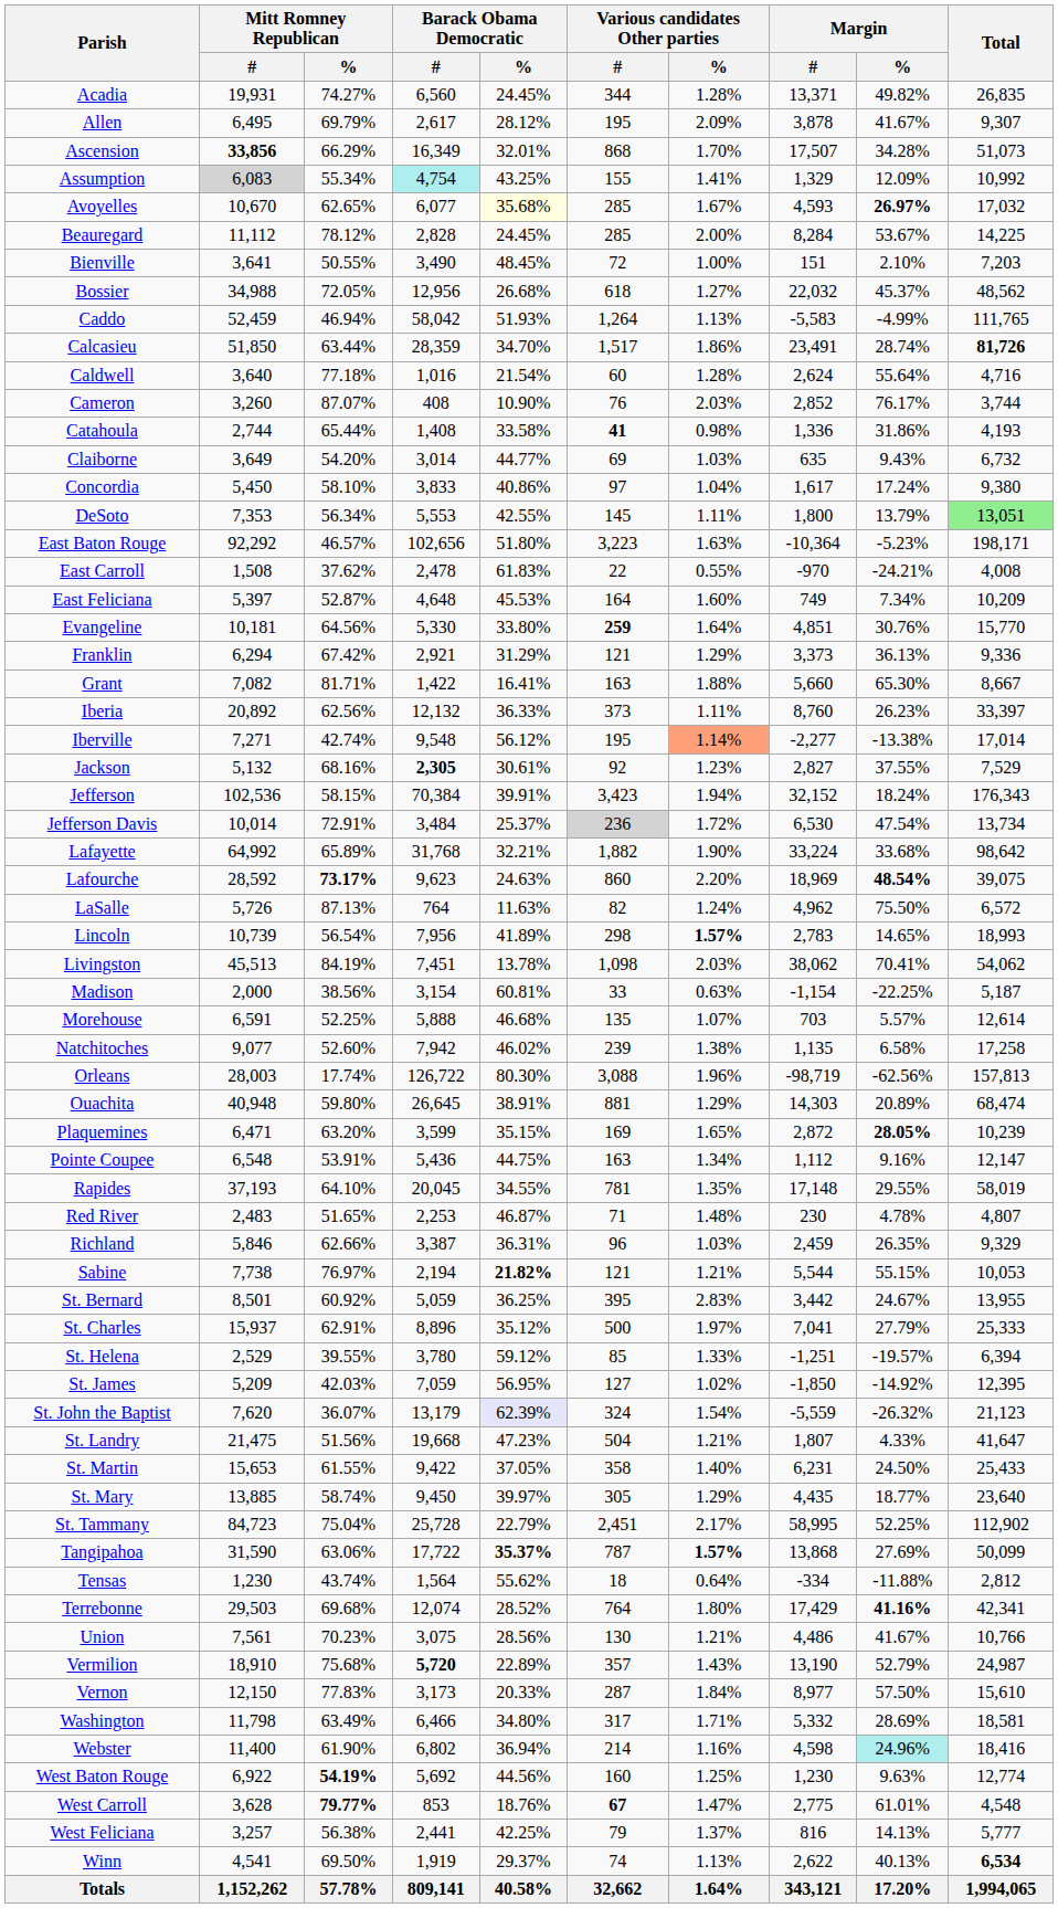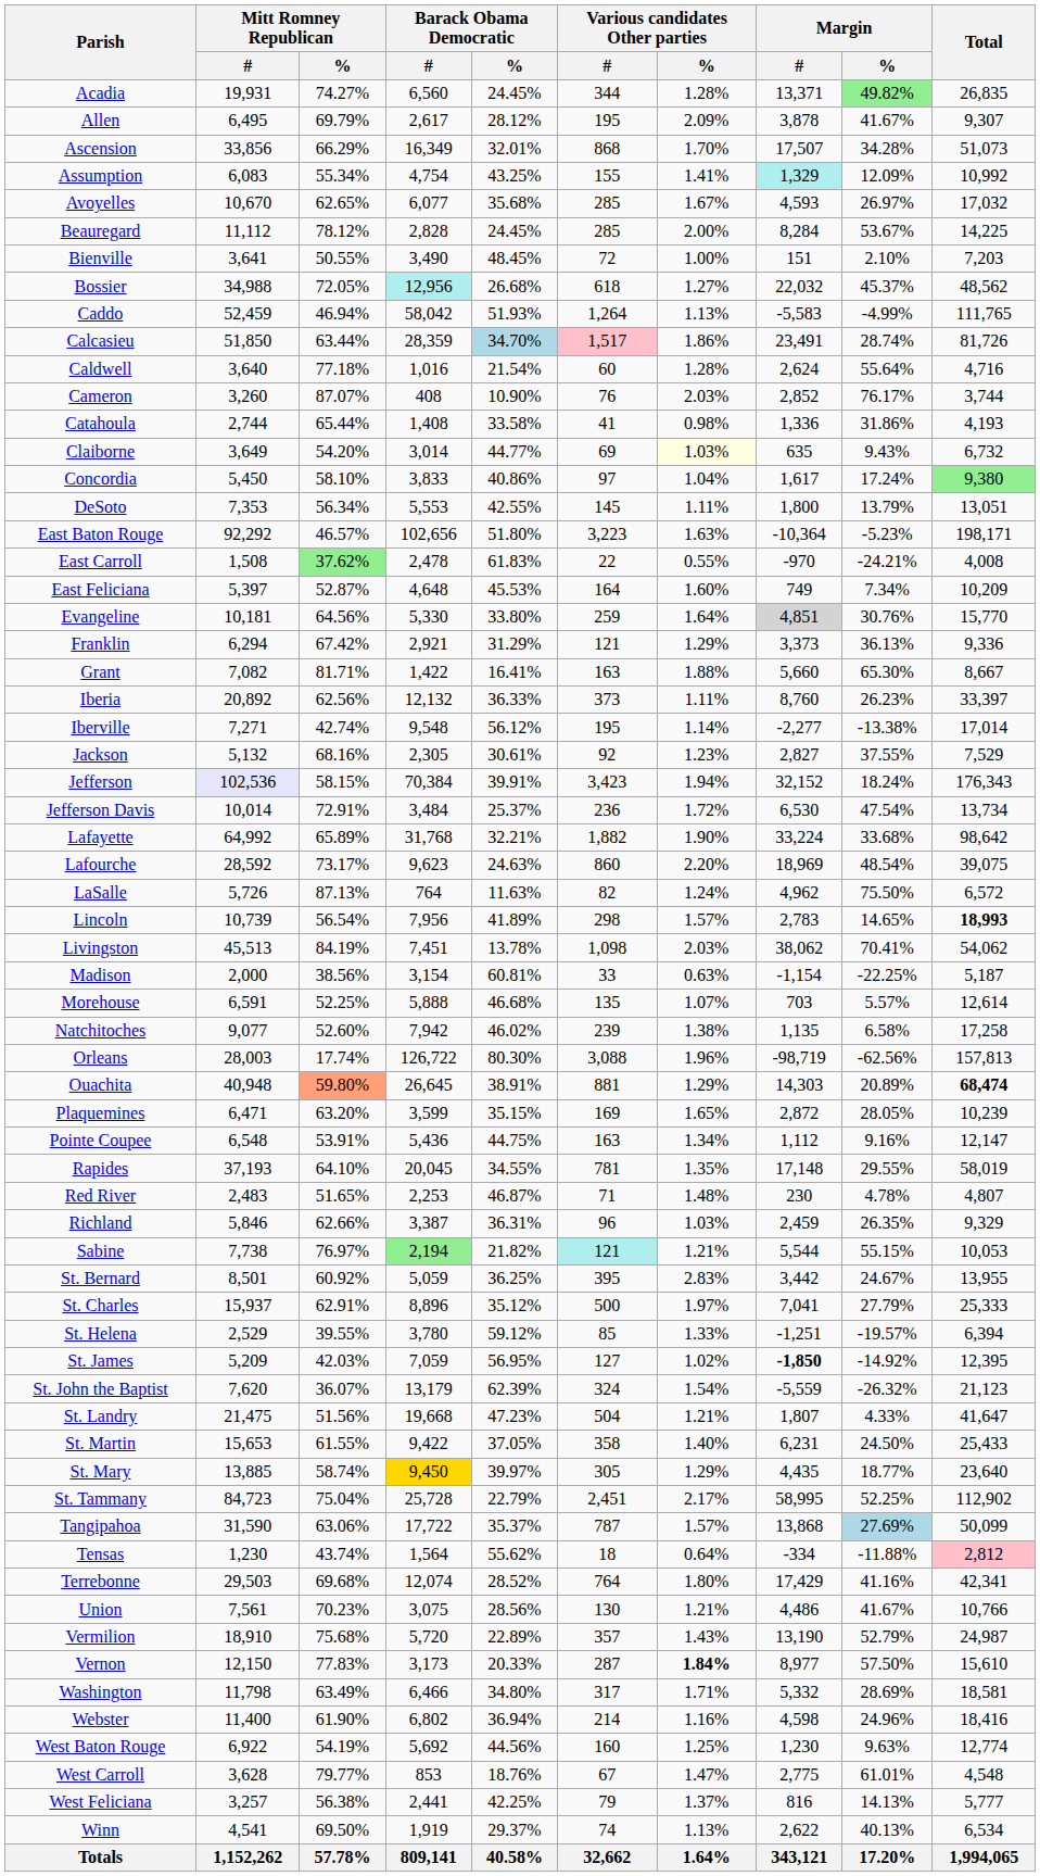 <table width="60%" class="wikitable sortable">
 <tr>
 <th rowspan="2">Parish</th>
 <th colspan="2">Mitt Romney<br>Republican</th>
 <th colspan="2">Barack Obama<br>Democratic</th>
 <th colspan="2">Various candidates<br>Other parties</th>
 <th colspan="2">Margin</th>
 <th rowspan="2">Total</th>
 </tr>
 <tr>
 <th style="text-align:center;" data-sort-type="number">#</th>
 <th style="text-align:center;" data-sort-type="number">%</th>
 <th style="text-align:center;" data-sort-type="number">#</th>
 <th style="text-align:center;" data-sort-type="number">%</th>
 <th style="text-align:center;" data-sort-type="number">#</th>
 <th style="text-align:center;" data-sort-type="number">%</th>
 <th style="text-align:center;" data-sort-type="number">#</th>
 <th style="text-align:center;" data-sort-type="number">%</th>
 </tr>
 <tr style="text-align:center;">
 <td><a href='#'>Acadia</a></td>
 <td>19,931</td>
 <td>74.27%</td>
 <td>6,560</td>
 <td>24.45%</td>
 <td>344</td>
 <td>1.28%</td>
 <td>13,371</td>
-<td>49.82%</td>
+<td style="background: lightgreen;">49.82%</td>
 <td>26,835</td>
 </tr>
 <tr style="text-align:center;">
 <td><a href='#'>Allen</a></td>
 <td>6,495</td>
 <td>69.79%</td>
 <td>2,617</td>
 <td>28.12%</td>
 <td>195</td>
 <td>2.09%</td>
 <td>3,878</td>
 <td>41.67%</td>
 <td>9,307</td>
 </tr>
 <tr style="text-align:center;">
 <td><a href='#'>Ascension</a></td>
-<td><strong>33,856</strong></td>
+<td>33,856</td>
 <td>66.29%</td>
 <td>16,349</td>
 <td>32.01%</td>
 <td>868</td>
 <td>1.70%</td>
 <td>17,507</td>
 <td>34.28%</td>
 <td>51,073</td>
 </tr>
 <tr style="text-align:center;">
 <td><a href='#'>Assumption</a></td>
-<td style="background: lightgrey;">6,083</td>
+<td>6,083</td>
 <td>55.34%</td>
-<td style="background: paleturquoise;">4,754</td>
+<td>4,754</td>
 <td>43.25%</td>
 <td>155</td>
 <td>1.41%</td>
-<td>1,329</td>
+<td style="background: paleturquoise;">1,329</td>
 <td>12.09%</td>
 <td>10,992</td>
 </tr>
 <tr style="text-align:center;">
 <td><a href='#'>Avoyelles</a></td>
 <td>10,670</td>
 <td>62.65%</td>
 <td>6,077</td>
-<td style="background: lightyellow;">35.68%</td>
+<td>35.68%</td>
 <td>285</td>
 <td>1.67%</td>
 <td>4,593</td>
-<td><strong>26.97%</strong></td>
+<td>26.97%</td>
 <td>17,032</td>
 </tr>
 <tr style="text-align:center;">
 <td><a href='#'>Beauregard</a></td>
 <td>11,112</td>
 <td>78.12%</td>
 <td>2,828</td>
 <td>24.45%</td>
 <td>285</td>
 <td>2.00%</td>
 <td>8,284</td>
 <td>53.67%</td>
 <td>14,225</td>
 </tr>
 <tr style="text-align:center;">
 <td><a href='#'>Bienville</a></td>
 <td>3,641</td>
 <td>50.55%</td>
 <td>3,490</td>
 <td>48.45%</td>
 <td>72</td>
 <td>1.00%</td>
 <td>151</td>
 <td>2.10%</td>
 <td>7,203</td>
 </tr>
 <tr style="text-align:center;">
 <td><a href='#'>Bossier</a></td>
 <td>34,988</td>
 <td>72.05%</td>
-<td>12,956</td>
+<td style="background: paleturquoise;">12,956</td>
 <td>26.68%</td>
 <td>618</td>
 <td>1.27%</td>
 <td>22,032</td>
 <td>45.37%</td>
 <td>48,562</td>
 </tr>
 <tr style="text-align:center;">
 <td><a href='#'>Caddo</a></td>
 <td>52,459</td>
 <td>46.94%</td>
 <td>58,042</td>
 <td>51.93%</td>
 <td>1,264</td>
 <td>1.13%</td>
 <td>-5,583</td>
 <td>-4.99%</td>
 <td>111,765</td>
 </tr>
 <tr style="text-align:center;">
 <td><a href='#'>Calcasieu</a></td>
 <td>51,850</td>
 <td>63.44%</td>
 <td>28,359</td>
-<td>34.70%</td>
-<td>1,517</td>
+<td style="background: lightblue;">34.70%</td>
+<td style="background: pink;">1,517</td>
 <td>1.86%</td>
 <td>23,491</td>
 <td>28.74%</td>
-<td><strong>81,726</strong></td>
+<td>81,726</td>
 </tr>
 <tr style="text-align:center;">
 <td><a href='#'>Caldwell</a></td>
 <td>3,640</td>
 <td>77.18%</td>
 <td>1,016</td>
 <td>21.54%</td>
 <td>60</td>
 <td>1.28%</td>
 <td>2,624</td>
 <td>55.64%</td>
 <td>4,716</td>
 </tr>
 <tr style="text-align:center;">
 <td><a href='#'>Cameron</a></td>
 <td>3,260</td>
 <td>87.07%</td>
 <td>408</td>
 <td>10.90%</td>
 <td>76</td>
 <td>2.03%</td>
 <td>2,852</td>
 <td>76.17%</td>
 <td>3,744</td>
 </tr>
 <tr style="text-align:center;">
 <td><a href='#'>Catahoula</a></td>
 <td>2,744</td>
 <td>65.44%</td>
 <td>1,408</td>
 <td>33.58%</td>
-<td><strong>41</strong></td>
+<td>41</td>
 <td>0.98%</td>
 <td>1,336</td>
 <td>31.86%</td>
 <td>4,193</td>
 </tr>
 <tr style="text-align:center;">
 <td><a href='#'>Claiborne</a></td>
 <td>3,649</td>
 <td>54.20%</td>
 <td>3,014</td>
 <td>44.77%</td>
 <td>69</td>
-<td>1.03%</td>
+<td style="background: lightyellow;">1.03%</td>
 <td>635</td>
 <td>9.43%</td>
 <td>6,732</td>
 </tr>
 <tr style="text-align:center;">
 <td><a href='#'>Concordia</a></td>
 <td>5,450</td>
 <td>58.10%</td>
 <td>3,833</td>
 <td>40.86%</td>
 <td>97</td>
 <td>1.04%</td>
 <td>1,617</td>
 <td>17.24%</td>
-<td>9,380</td>
+<td style="background: lightgreen;">9,380</td>
 </tr>
 <tr style="text-align:center;">
 <td><a href='#'>DeSoto</a></td>
 <td>7,353</td>
 <td>56.34%</td>
 <td>5,553</td>
 <td>42.55%</td>
 <td>145</td>
 <td>1.11%</td>
 <td>1,800</td>
 <td>13.79%</td>
-<td style="background: lightgreen;">13,051</td>
+<td>13,051</td>
 </tr>
 <tr style="text-align:center;">
 <td><a href='#'>East Baton Rouge</a></td>
 <td>92,292</td>
 <td>46.57%</td>
 <td>102,656</td>
 <td>51.80%</td>
 <td>3,223</td>
 <td>1.63%</td>
 <td>-10,364</td>
 <td>-5.23%</td>
 <td>198,171</td>
 </tr>
 <tr style="text-align:center;">
 <td><a href='#'>East Carroll</a></td>
 <td>1,508</td>
-<td>37.62%</td>
+<td style="background: lightgreen;">37.62%</td>
 <td>2,478</td>
 <td>61.83%</td>
 <td>22</td>
 <td>0.55%</td>
 <td>-970</td>
 <td>-24.21%</td>
 <td>4,008</td>
 </tr>
 <tr style="text-align:center;">
 <td><a href='#'>East Feliciana</a></td>
 <td>5,397</td>
 <td>52.87%</td>
 <td>4,648</td>
 <td>45.53%</td>
 <td>164</td>
 <td>1.60%</td>
 <td>749</td>
 <td>7.34%</td>
 <td>10,209</td>
 </tr>
 <tr style="text-align:center;">
 <td><a href='#'>Evangeline</a></td>
 <td>10,181</td>
 <td>64.56%</td>
 <td>5,330</td>
 <td>33.80%</td>
-<td><strong>259</strong></td>
+<td>259</td>
 <td>1.64%</td>
-<td>4,851</td>
+<td style="background: lightgrey;">4,851</td>
 <td>30.76%</td>
 <td>15,770</td>
 </tr>
 <tr style="text-align:center;">
 <td><a href='#'>Franklin</a></td>
 <td>6,294</td>
 <td>67.42%</td>
 <td>2,921</td>
 <td>31.29%</td>
 <td>121</td>
 <td>1.29%</td>
 <td>3,373</td>
 <td>36.13%</td>
 <td>9,336</td>
 </tr>
 <tr style="text-align:center;">
 <td><a href='#'>Grant</a></td>
 <td>7,082</td>
 <td>81.71%</td>
 <td>1,422</td>
 <td>16.41%</td>
 <td>163</td>
 <td>1.88%</td>
 <td>5,660</td>
 <td>65.30%</td>
 <td>8,667</td>
 </tr>
 <tr style="text-align:center;">
 <td><a href='#'>Iberia</a></td>
 <td>20,892</td>
 <td>62.56%</td>
 <td>12,132</td>
 <td>36.33%</td>
 <td>373</td>
 <td>1.11%</td>
 <td>8,760</td>
 <td>26.23%</td>
 <td>33,397</td>
 </tr>
 <tr style="text-align:center;">
 <td><a href='#'>Iberville</a></td>
 <td>7,271</td>
 <td>42.74%</td>
 <td>9,548</td>
 <td>56.12%</td>
 <td>195</td>
-<td style="background: lightsalmon;">1.14%</td>
+<td>1.14%</td>
 <td>-2,277</td>
 <td>-13.38%</td>
 <td>17,014</td>
 </tr>
 <tr style="text-align:center;">
 <td><a href='#'>Jackson</a></td>
 <td>5,132</td>
 <td>68.16%</td>
-<td><strong>2,305</strong></td>
+<td>2,305</td>
 <td>30.61%</td>
 <td>92</td>
 <td>1.23%</td>
 <td>2,827</td>
 <td>37.55%</td>
 <td>7,529</td>
 </tr>
 <tr style="text-align:center;">
 <td><a href='#'>Jefferson</a></td>
-<td>102,536</td>
+<td style="background: lavender;">102,536</td>
 <td>58.15%</td>
 <td>70,384</td>
 <td>39.91%</td>
 <td>3,423</td>
 <td>1.94%</td>
 <td>32,152</td>
 <td>18.24%</td>
 <td>176,343</td>
 </tr>
 <tr style="text-align:center;">
 <td><a href='#'>Jefferson Davis</a></td>
 <td>10,014</td>
 <td>72.91%</td>
 <td>3,484</td>
 <td>25.37%</td>
-<td style="background: lightgrey;">236</td>
+<td>236</td>
 <td>1.72%</td>
 <td>6,530</td>
 <td>47.54%</td>
 <td>13,734</td>
 </tr>
 <tr style="text-align:center;">
 <td><a href='#'>Lafayette</a></td>
 <td>64,992</td>
 <td>65.89%</td>
 <td>31,768</td>
 <td>32.21%</td>
 <td>1,882</td>
 <td>1.90%</td>
 <td>33,224</td>
 <td>33.68%</td>
 <td>98,642</td>
 </tr>
 <tr style="text-align:center;">
 <td><a href='#'>Lafourche</a></td>
 <td>28,592</td>
-<td><strong>73.17%</strong></td>
+<td>73.17%</td>
 <td>9,623</td>
 <td>24.63%</td>
 <td>860</td>
 <td>2.20%</td>
 <td>18,969</td>
-<td><strong>48.54%</strong></td>
+<td>48.54%</td>
 <td>39,075</td>
 </tr>
 <tr style="text-align:center;">
 <td><a href='#'>LaSalle</a></td>
 <td>5,726</td>
 <td>87.13%</td>
 <td>764</td>
 <td>11.63%</td>
 <td>82</td>
 <td>1.24%</td>
 <td>4,962</td>
 <td>75.50%</td>
 <td>6,572</td>
 </tr>
 <tr style="text-align:center;">
 <td><a href='#'>Lincoln</a></td>
 <td>10,739</td>
 <td>56.54%</td>
 <td>7,956</td>
 <td>41.89%</td>
 <td>298</td>
-<td><strong>1.57%</strong></td>
+<td>1.57%</td>
 <td>2,783</td>
 <td>14.65%</td>
-<td>18,993</td>
+<td><strong>18,993</strong></td>
 </tr>
 <tr style="text-align:center;">
 <td><a href='#'>Livingston</a></td>
 <td>45,513</td>
 <td>84.19%</td>
 <td>7,451</td>
 <td>13.78%</td>
 <td>1,098</td>
 <td>2.03%</td>
 <td>38,062</td>
 <td>70.41%</td>
 <td>54,062</td>
 </tr>
 <tr style="text-align:center;">
 <td><a href='#'>Madison</a></td>
 <td>2,000</td>
 <td>38.56%</td>
 <td>3,154</td>
 <td>60.81%</td>
 <td>33</td>
 <td>0.63%</td>
 <td>-1,154</td>
 <td>-22.25%</td>
 <td>5,187</td>
 </tr>
 <tr style="text-align:center;">
 <td><a href='#'>Morehouse</a></td>
 <td>6,591</td>
 <td>52.25%</td>
 <td>5,888</td>
 <td>46.68%</td>
 <td>135</td>
 <td>1.07%</td>
 <td>703</td>
 <td>5.57%</td>
 <td>12,614</td>
 </tr>
 <tr style="text-align:center;">
 <td><a href='#'>Natchitoches</a></td>
 <td>9,077</td>
 <td>52.60%</td>
 <td>7,942</td>
 <td>46.02%</td>
 <td>239</td>
 <td>1.38%</td>
 <td>1,135</td>
 <td>6.58%</td>
 <td>17,258</td>
 </tr>
 <tr style="text-align:center;">
 <td><a href='#'>Orleans</a></td>
 <td>28,003</td>
 <td>17.74%</td>
 <td>126,722</td>
 <td>80.30%</td>
 <td>3,088</td>
 <td>1.96%</td>
 <td>-98,719</td>
 <td>-62.56%</td>
 <td>157,813</td>
 </tr>
 <tr style="text-align:center;">
 <td><a href='#'>Ouachita</a></td>
 <td>40,948</td>
-<td>59.80%</td>
+<td style="background: lightsalmon;">59.80%</td>
 <td>26,645</td>
 <td>38.91%</td>
 <td>881</td>
 <td>1.29%</td>
 <td>14,303</td>
 <td>20.89%</td>
-<td>68,474</td>
+<td><strong>68,474</strong></td>
 </tr>
 <tr style="text-align:center;">
 <td><a href='#'>Plaquemines</a></td>
 <td>6,471</td>
 <td>63.20%</td>
 <td>3,599</td>
 <td>35.15%</td>
 <td>169</td>
 <td>1.65%</td>
 <td>2,872</td>
-<td><strong>28.05%</strong></td>
+<td>28.05%</td>
 <td>10,239</td>
 </tr>
 <tr style="text-align:center;">
 <td><a href='#'>Pointe Coupee</a></td>
 <td>6,548</td>
 <td>53.91%</td>
 <td>5,436</td>
 <td>44.75%</td>
 <td>163</td>
 <td>1.34%</td>
 <td>1,112</td>
 <td>9.16%</td>
 <td>12,147</td>
 </tr>
 <tr style="text-align:center;">
 <td><a href='#'>Rapides</a></td>
 <td>37,193</td>
 <td>64.10%</td>
 <td>20,045</td>
 <td>34.55%</td>
 <td>781</td>
 <td>1.35%</td>
 <td>17,148</td>
 <td>29.55%</td>
 <td>58,019</td>
 </tr>
 <tr style="text-align:center;">
 <td><a href='#'>Red River</a></td>
 <td>2,483</td>
 <td>51.65%</td>
 <td>2,253</td>
 <td>46.87%</td>
 <td>71</td>
 <td>1.48%</td>
 <td>230</td>
 <td>4.78%</td>
 <td>4,807</td>
 </tr>
 <tr style="text-align:center;">
 <td><a href='#'>Richland</a></td>
 <td>5,846</td>
 <td>62.66%</td>
 <td>3,387</td>
 <td>36.31%</td>
 <td>96</td>
 <td>1.03%</td>
 <td>2,459</td>
 <td>26.35%</td>
 <td>9,329</td>
 </tr>
 <tr style="text-align:center;">
 <td><a href='#'>Sabine</a></td>
 <td>7,738</td>
 <td>76.97%</td>
-<td>2,194</td>
-<td><strong>21.82%</strong></td>
-<td>121</td>
+<td style="background: lightgreen;">2,194</td>
+<td>21.82%</td>
+<td style="background: paleturquoise;">121</td>
 <td>1.21%</td>
 <td>5,544</td>
 <td>55.15%</td>
 <td>10,053</td>
 </tr>
 <tr style="text-align:center;">
 <td><a href='#'>St. Bernard</a></td>
 <td>8,501</td>
 <td>60.92%</td>
 <td>5,059</td>
 <td>36.25%</td>
 <td>395</td>
 <td>2.83%</td>
 <td>3,442</td>
 <td>24.67%</td>
 <td>13,955</td>
 </tr>
 <tr style="text-align:center;">
 <td><a href='#'>St. Charles</a></td>
 <td>15,937</td>
 <td>62.91%</td>
 <td>8,896</td>
 <td>35.12%</td>
 <td>500</td>
 <td>1.97%</td>
 <td>7,041</td>
 <td>27.79%</td>
 <td>25,333</td>
 </tr>
 <tr style="text-align:center;">
 <td><a href='#'>St. Helena</a></td>
 <td>2,529</td>
 <td>39.55%</td>
 <td>3,780</td>
 <td>59.12%</td>
 <td>85</td>
 <td>1.33%</td>
 <td>-1,251</td>
 <td>-19.57%</td>
 <td>6,394</td>
 </tr>
 <tr style="text-align:center;">
 <td><a href='#'>St. James</a></td>
 <td>5,209</td>
 <td>42.03%</td>
 <td>7,059</td>
 <td>56.95%</td>
 <td>127</td>
 <td>1.02%</td>
-<td>-1,850</td>
+<td><strong>-1,850</strong></td>
 <td>-14.92%</td>
 <td>12,395</td>
 </tr>
 <tr style="text-align:center;">
 <td><a href='#'>St. John the Baptist</a></td>
 <td>7,620</td>
 <td>36.07%</td>
 <td>13,179</td>
-<td style="background: lavender;">62.39%</td>
+<td>62.39%</td>
 <td>324</td>
 <td>1.54%</td>
 <td>-5,559</td>
 <td>-26.32%</td>
 <td>21,123</td>
 </tr>
 <tr style="text-align:center;">
 <td><a href='#'>St. Landry</a></td>
 <td>21,475</td>
 <td>51.56%</td>
 <td>19,668</td>
 <td>47.23%</td>
 <td>504</td>
 <td>1.21%</td>
 <td>1,807</td>
 <td>4.33%</td>
 <td>41,647</td>
 </tr>
 <tr style="text-align:center;">
 <td><a href='#'>St. Martin</a></td>
 <td>15,653</td>
 <td>61.55%</td>
 <td>9,422</td>
 <td>37.05%</td>
 <td>358</td>
 <td>1.40%</td>
 <td>6,231</td>
 <td>24.50%</td>
 <td>25,433</td>
 </tr>
 <tr style="text-align:center;">
 <td><a href='#'>St. Mary</a></td>
 <td>13,885</td>
 <td>58.74%</td>
-<td>9,450</td>
+<td style="background: gold;">9,450</td>
 <td>39.97%</td>
 <td>305</td>
 <td>1.29%</td>
 <td>4,435</td>
 <td>18.77%</td>
 <td>23,640</td>
 </tr>
 <tr style="text-align:center;">
 <td><a href='#'>St. Tammany</a></td>
 <td>84,723</td>
 <td>75.04%</td>
 <td>25,728</td>
 <td>22.79%</td>
 <td>2,451</td>
 <td>2.17%</td>
 <td>58,995</td>
 <td>52.25%</td>
 <td>112,902</td>
 </tr>
 <tr style="text-align:center;">
 <td><a href='#'>Tangipahoa</a></td>
 <td>31,590</td>
 <td>63.06%</td>
 <td>17,722</td>
-<td><strong>35.37%</strong></td>
+<td>35.37%</td>
 <td>787</td>
-<td><strong>1.57%</strong></td>
+<td>1.57%</td>
 <td>13,868</td>
-<td>27.69%</td>
+<td style="background: lightblue;">27.69%</td>
 <td>50,099</td>
 </tr>
 <tr style="text-align:center;">
 <td><a href='#'>Tensas</a></td>
 <td>1,230</td>
 <td>43.74%</td>
 <td>1,564</td>
 <td>55.62%</td>
 <td>18</td>
 <td>0.64%</td>
 <td>-334</td>
 <td>-11.88%</td>
-<td>2,812</td>
+<td style="background: pink;">2,812</td>
 </tr>
 <tr style="text-align:center;">
 <td><a href='#'>Terrebonne</a></td>
 <td>29,503</td>
 <td>69.68%</td>
 <td>12,074</td>
 <td>28.52%</td>
 <td>764</td>
 <td>1.80%</td>
 <td>17,429</td>
-<td><strong>41.16%</strong></td>
+<td>41.16%</td>
 <td>42,341</td>
 </tr>
 <tr style="text-align:center;">
 <td><a href='#'>Union</a></td>
 <td>7,561</td>
 <td>70.23%</td>
 <td>3,075</td>
 <td>28.56%</td>
 <td>130</td>
 <td>1.21%</td>
 <td>4,486</td>
 <td>41.67%</td>
 <td>10,766</td>
 </tr>
 <tr style="text-align:center;">
 <td><a href='#'>Vermilion</a></td>
 <td>18,910</td>
 <td>75.68%</td>
-<td><strong>5,720</strong></td>
+<td>5,720</td>
 <td>22.89%</td>
 <td>357</td>
 <td>1.43%</td>
 <td>13,190</td>
 <td>52.79%</td>
 <td>24,987</td>
 </tr>
 <tr style="text-align:center;">
 <td><a href='#'>Vernon</a></td>
 <td>12,150</td>
 <td>77.83%</td>
 <td>3,173</td>
 <td>20.33%</td>
 <td>287</td>
-<td>1.84%</td>
+<td><strong>1.84%</strong></td>
 <td>8,977</td>
 <td>57.50%</td>
 <td>15,610</td>
 </tr>
 <tr style="text-align:center;">
 <td><a href='#'>Washington</a></td>
 <td>11,798</td>
 <td>63.49%</td>
 <td>6,466</td>
 <td>34.80%</td>
 <td>317</td>
 <td>1.71%</td>
 <td>5,332</td>
 <td>28.69%</td>
 <td>18,581</td>
 </tr>
 <tr style="text-align:center;">
 <td><a href='#'>Webster</a></td>
 <td>11,400</td>
 <td>61.90%</td>
 <td>6,802</td>
 <td>36.94%</td>
 <td>214</td>
 <td>1.16%</td>
 <td>4,598</td>
-<td style="background: paleturquoise;">24.96%</td>
+<td>24.96%</td>
 <td>18,416</td>
 </tr>
 <tr style="text-align:center;">
 <td><a href='#'>West Baton Rouge</a></td>
 <td>6,922</td>
-<td><strong>54.19%</strong></td>
+<td>54.19%</td>
 <td>5,692</td>
 <td>44.56%</td>
 <td>160</td>
 <td>1.25%</td>
 <td>1,230</td>
 <td>9.63%</td>
 <td>12,774</td>
 </tr>
 <tr style="text-align:center;">
 <td><a href='#'>West Carroll</a></td>
 <td>3,628</td>
-<td><strong>79.77%</strong></td>
+<td>79.77%</td>
 <td>853</td>
 <td>18.76%</td>
-<td><strong>67</strong></td>
+<td>67</td>
 <td>1.47%</td>
 <td>2,775</td>
 <td>61.01%</td>
 <td>4,548</td>
 </tr>
 <tr style="text-align:center;">
 <td><a href='#'>West Feliciana</a></td>
 <td>3,257</td>
 <td>56.38%</td>
 <td>2,441</td>
 <td>42.25%</td>
 <td>79</td>
 <td>1.37%</td>
 <td>816</td>
 <td>14.13%</td>
 <td>5,777</td>
 </tr>
 <tr style="text-align:center;">
 <td><a href='#'>Winn</a></td>
 <td>4,541</td>
 <td>69.50%</td>
 <td>1,919</td>
 <td>29.37%</td>
 <td>74</td>
 <td>1.13%</td>
 <td>2,622</td>
 <td>40.13%</td>
-<td><strong>6,534</strong></td>
+<td>6,534</td>
 </tr>
 <tr>
 <th>Totals</th>
 <th>1,152,262</th>
 <th>57.78%</th>
 <th>809,141</th>
 <th>40.58%</th>
 <th>32,662</th>
 <th>1.64%</th>
 <th>343,121</th>
 <th>17.20%</th>
 <th>1,994,065</th>
 </tr>
 </table>
